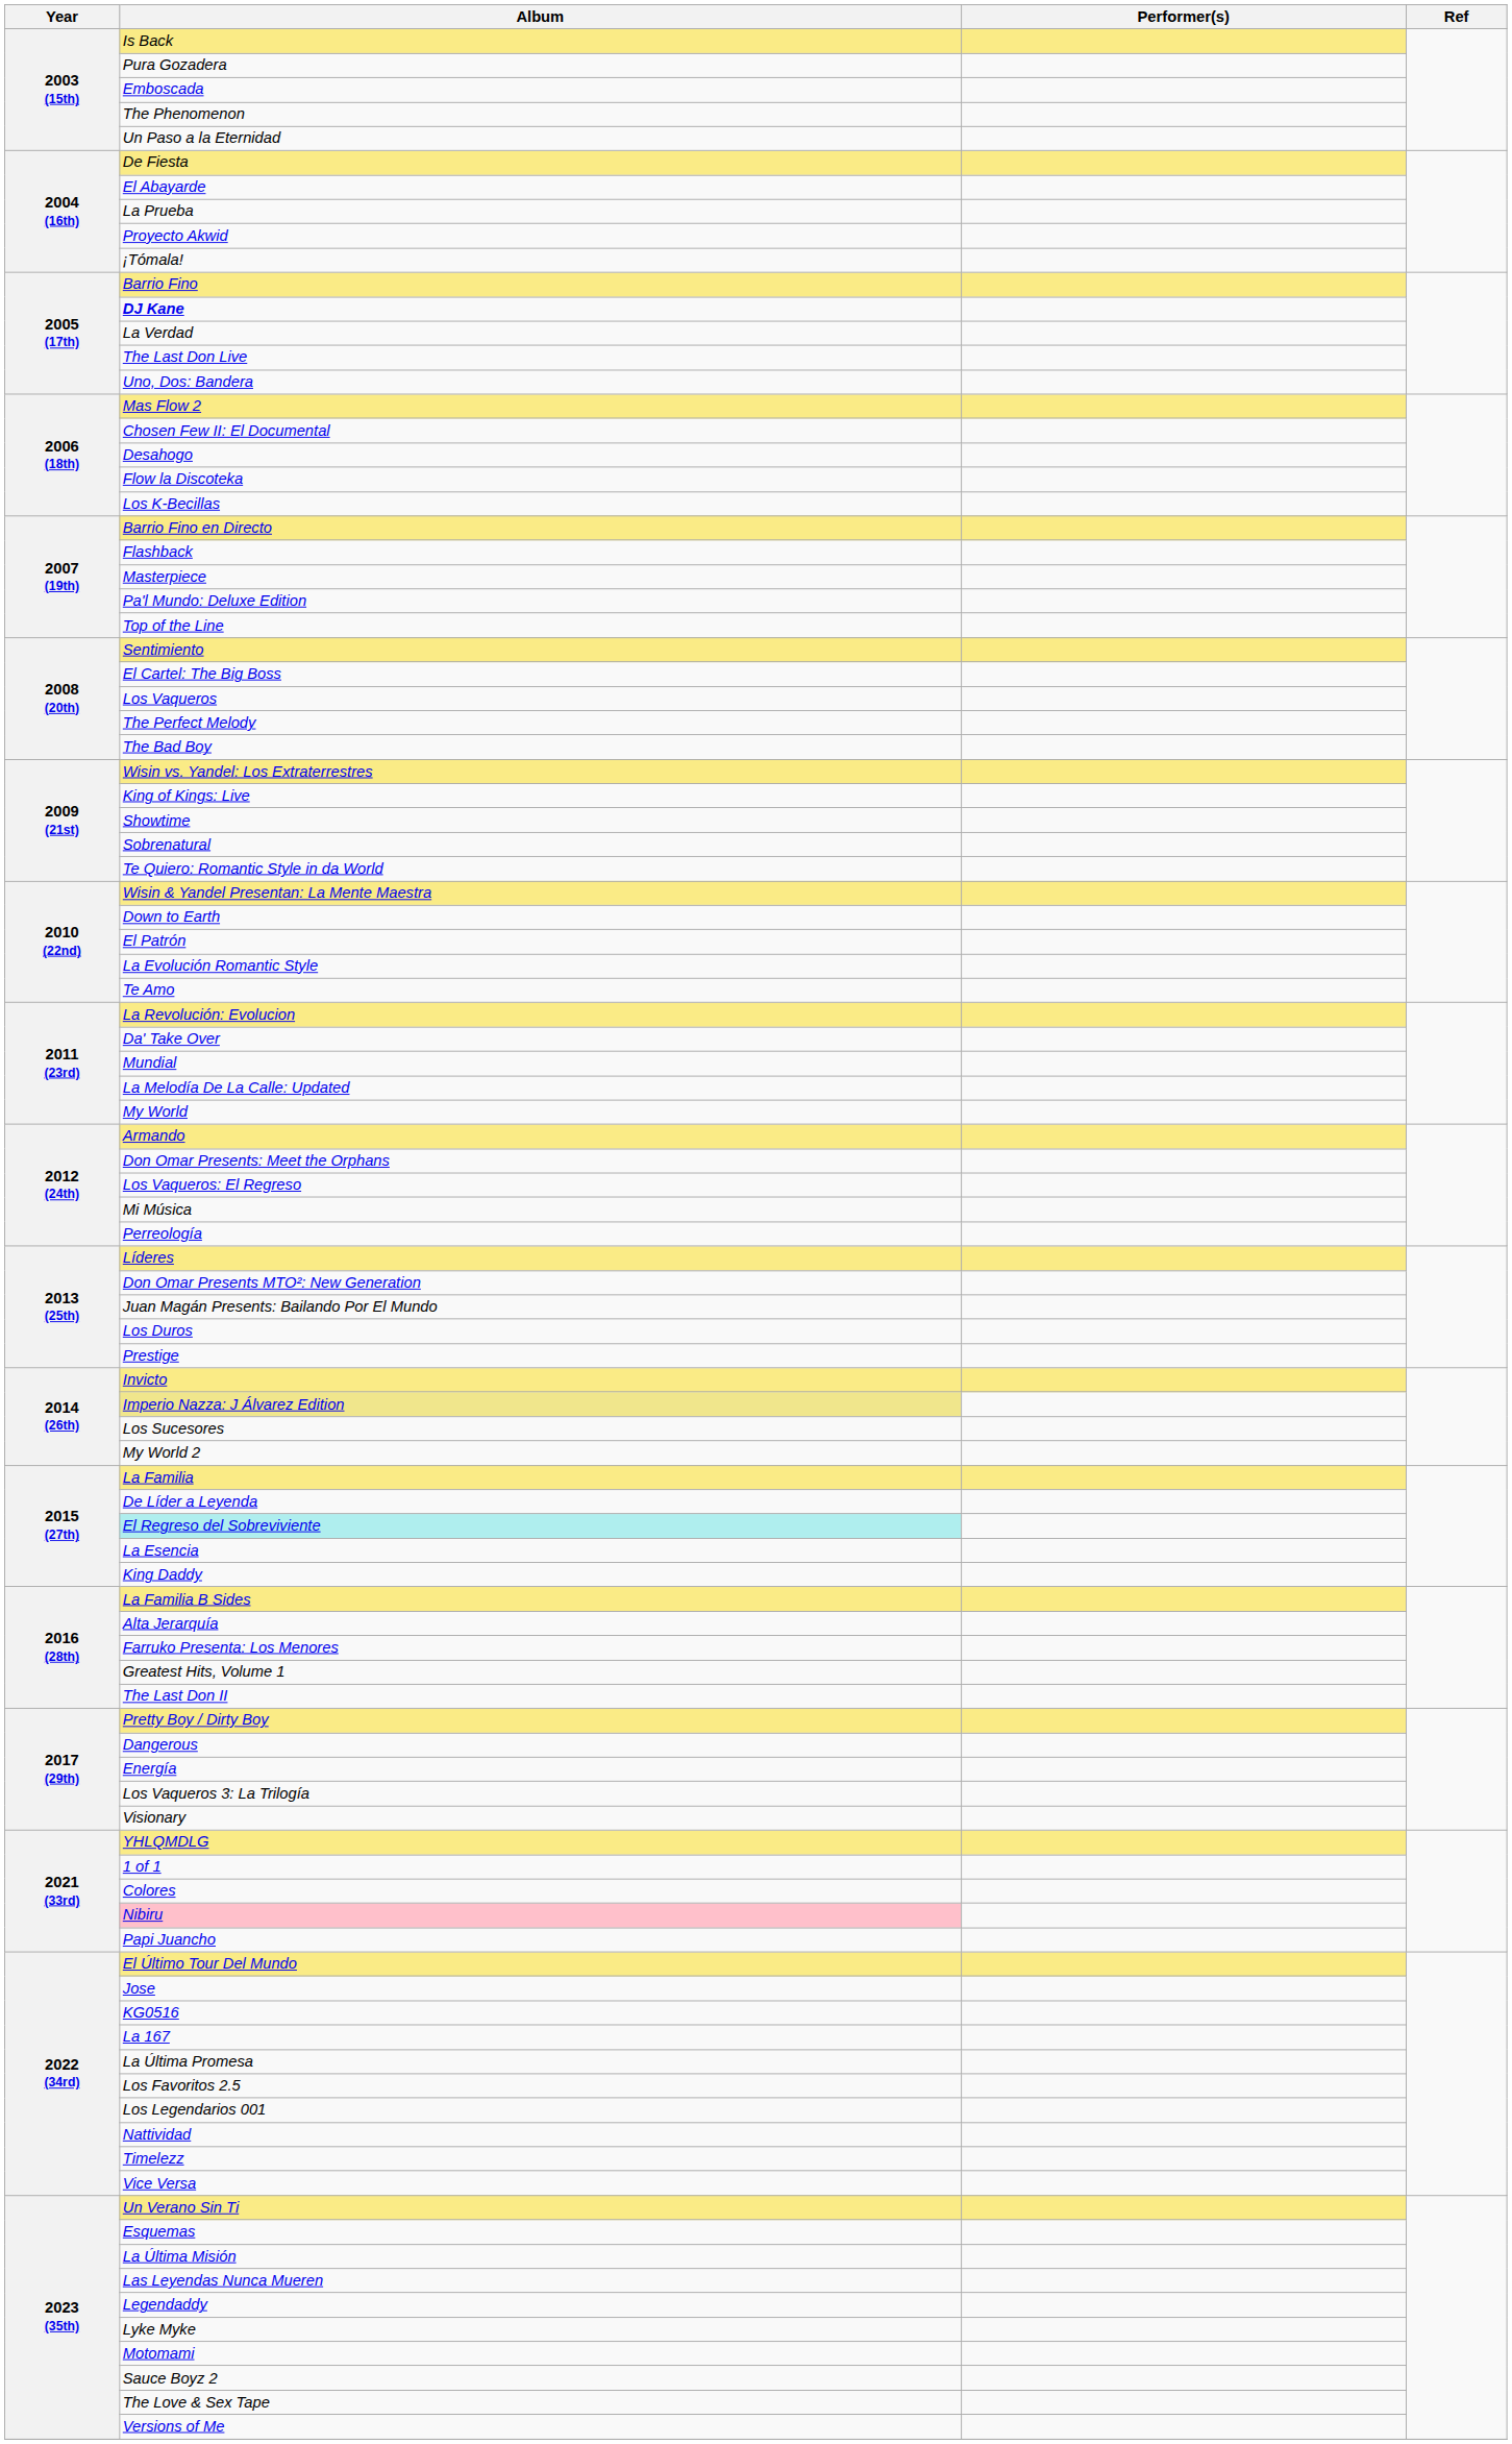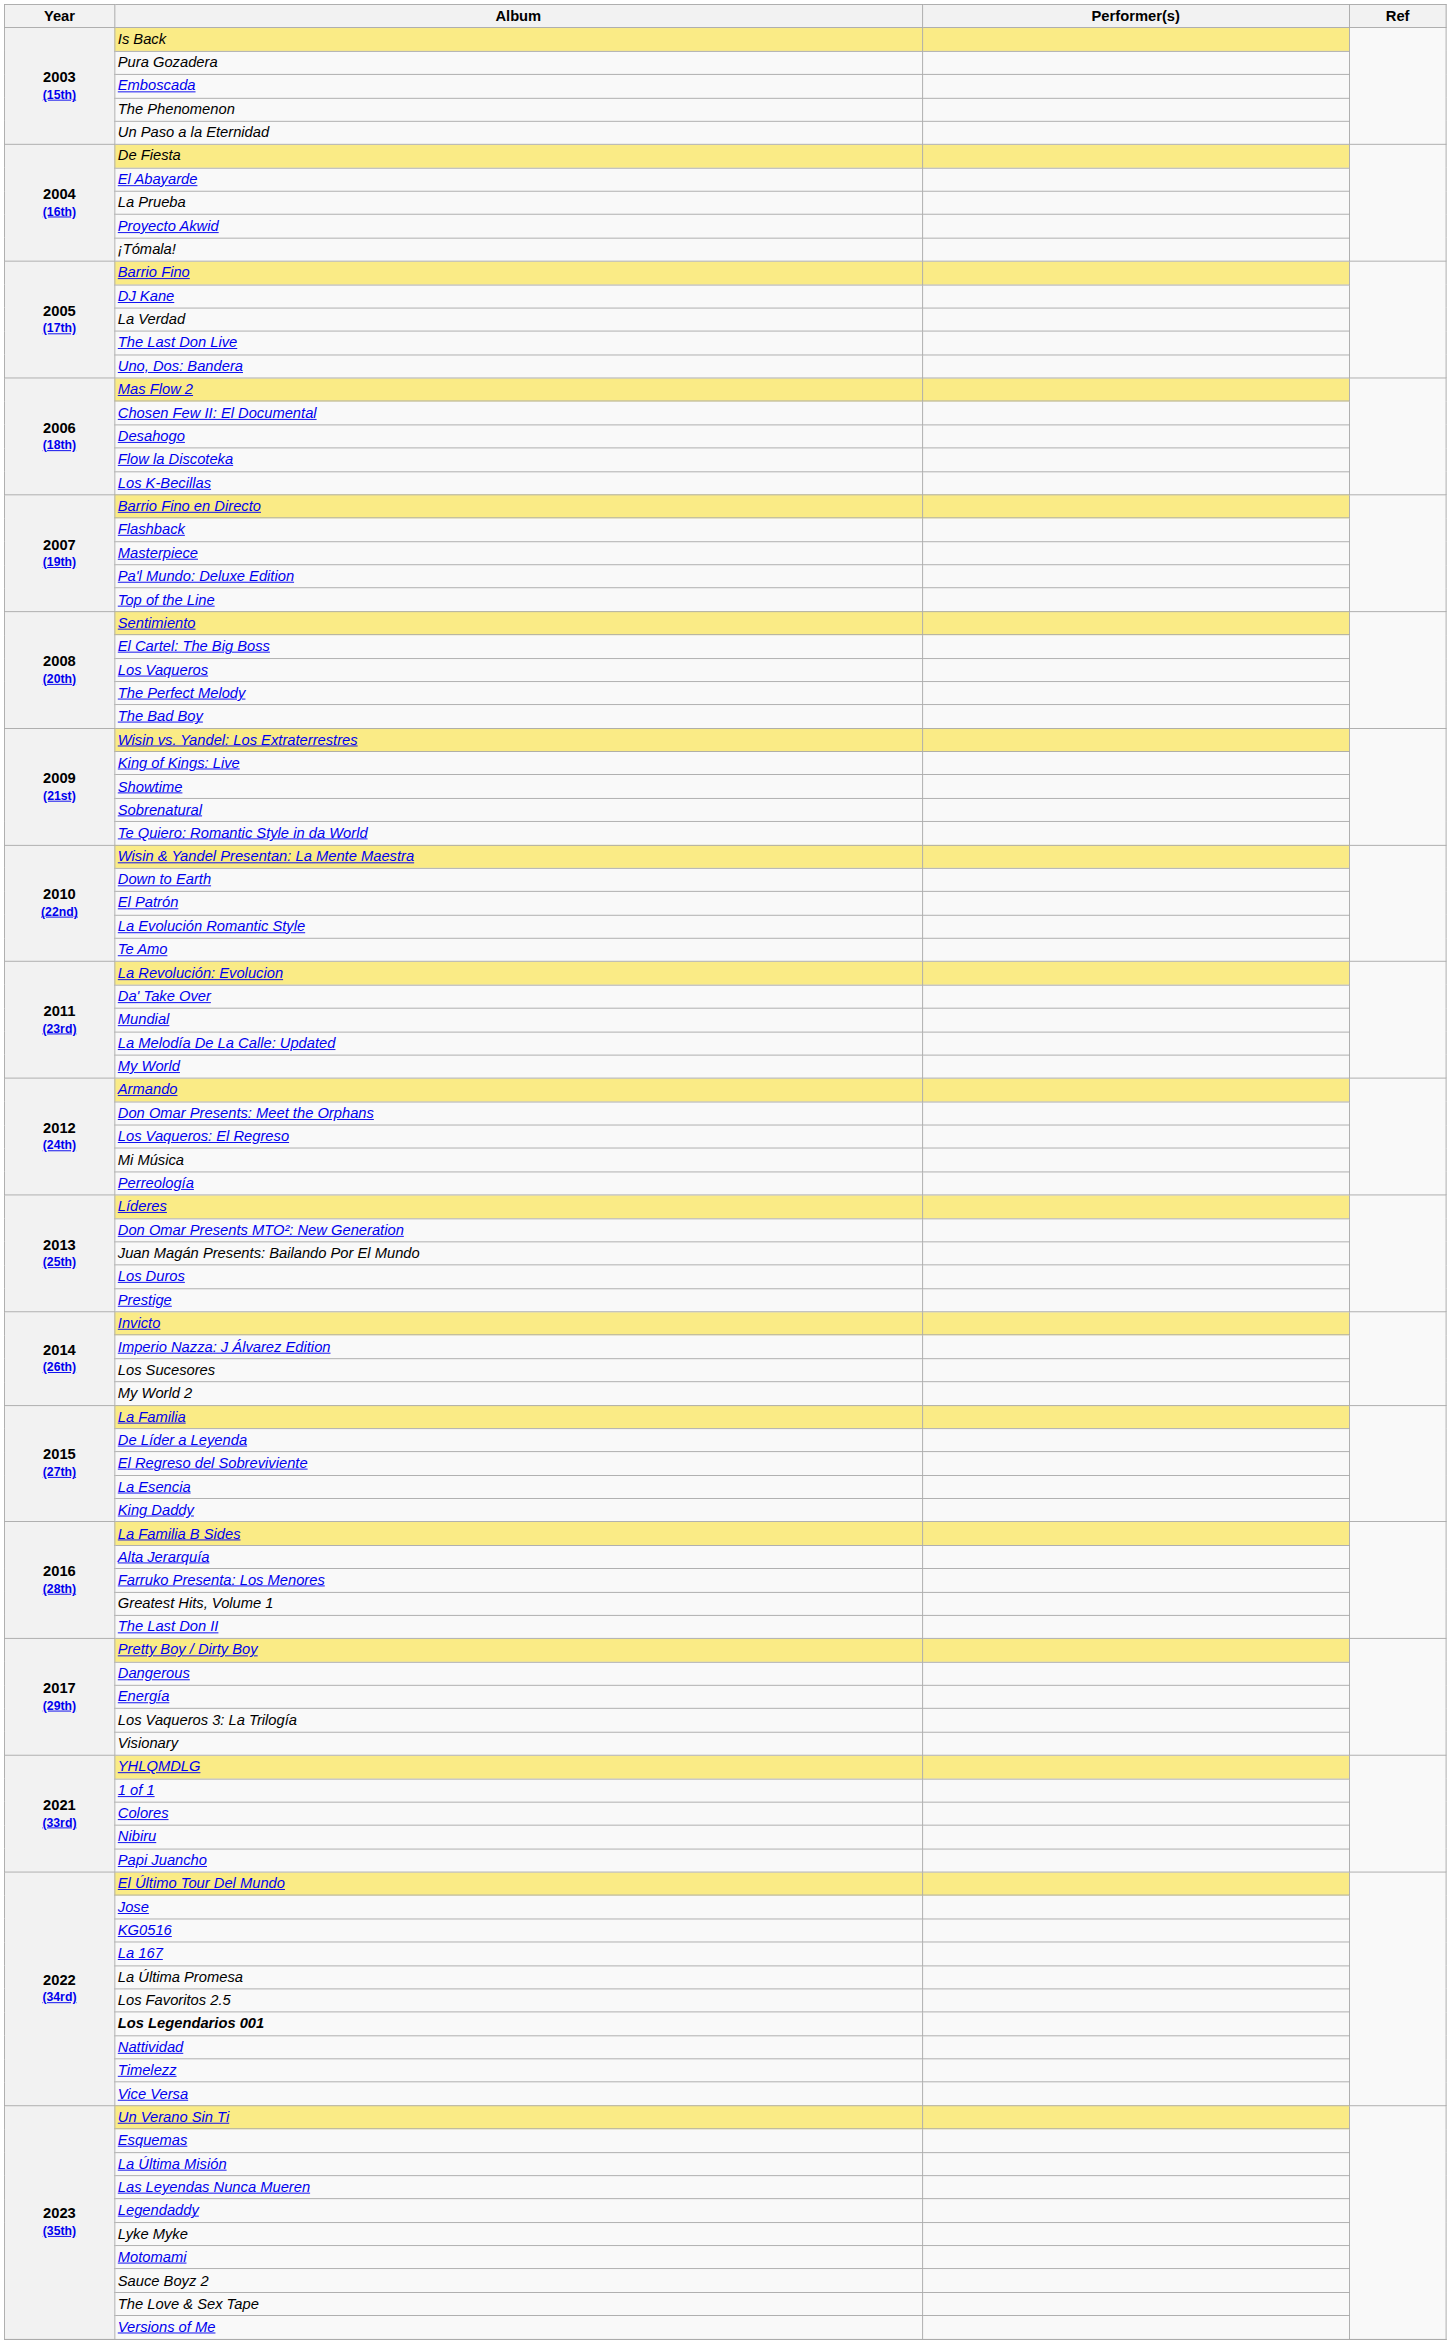 <table class="wikitable sortable">
 <tr style="background:#bebebe;">
 <th scope="col" style="width:1%;">Year</th>
 <th scope="col" style="width:10%;">Album</th>
 <th scope="col" style="width:5%;">Performer(s)</th>
 <th scope="col" style="width:1%;" class="unsortable">Ref</th>
 </tr>
 <tr>
 <th scope="row" rowspan=5 style="text-align:center">2003 <br><small><a href='#'>(15th)</a></small></th>
 <td style="background:#FAEB86"><em>Is Back</em></td>
 <td style="background:#FAEB86"></td>
 <td rowspan=5></td>
 </tr>
 <tr>
 <td><em>Pura Gozadera</em></td>
 <td></td>
 </tr>
 <tr>
 <td><em><a href='#'>Emboscada</a></em></td>
 <td></td>
 </tr>
 <tr>
 <td><em>The Phenomenon</em></td>
 <td></td>
 </tr>
 <tr>
 <td><em>Un Paso a la Eternidad</em></td>
 <td></td>
 </tr>
 <tr>
 <th scope="row" rowspan=5 style="text-align:center">2004 <br><small><a href='#'>(16th)</a></small></th>
 <td style="background:#FAEB86"><em>De Fiesta</em></td>
 <td style="background:#FAEB86"></td>
 <td rowspan=5></td>
 </tr>
 <tr>
 <td><em><a href='#'>El Abayarde</a></em></td>
 <td></td>
 </tr>
 <tr>
 <td><em>La Prueba</em></td>
 <td></td>
 </tr>
 <tr>
 <td><em><a href='#'>Proyecto Akwid</a></em></td>
 <td></td>
 </tr>
 <tr>
 <td><em>¡Tómala!</em></td>
 <td></td>
 </tr>
 <tr>
 <th scope="row" rowspan=5 style="text-align:center">2005 <br><small><a href='#'>(17th)</a></small></th>
 <td style="background:#FAEB86"><em><a href='#'>Barrio Fino</a></em></td>
 <td style="background:#FAEB86"></td>
 <td rowspan=5></td>
 </tr>
 <tr>
-<td><strong><em><a href='#'>DJ Kane</a></em></strong></td>
+<td><em><a href='#'>DJ Kane</a></em></td>
 <td></td>
 </tr>
 <tr>
 <td><em>La Verdad</em></td>
 <td></td>
 </tr>
 <tr>
 <td><em><a href='#'>The Last Don Live</a></em></td>
 <td></td>
 </tr>
 <tr>
 <td><em><a href='#'>Uno, Dos: Bandera</a></em></td>
 <td></td>
 </tr>
 <tr>
 <th scope="row" rowspan=5 style="text-align:center">2006 <br><small><a href='#'>(18th)</a></small></th>
 <td style="background:#FAEB86"><em><a href='#'>Mas Flow 2</a></em></td>
 <td style="background:#FAEB86"></td>
 <td rowspan=5></td>
 </tr>
 <tr>
 <td><em><a href='#'>Chosen Few II: El Documental</a></em></td>
 <td></td>
 </tr>
 <tr>
 <td><em><a href='#'>Desahogo</a></em></td>
 <td></td>
 </tr>
 <tr>
 <td><em><a href='#'>Flow la Discoteka</a></em></td>
 <td></td>
 </tr>
 <tr>
 <td><em><a href='#'>Los K-Becillas</a></em></td>
 <td></td>
 </tr>
 <tr>
 <th scope="row" rowspan=5 style="text-align:center">2007 <br><small><a href='#'>(19th)</a></small></th>
 <td style="background:#FAEB86"><em><a href='#'>Barrio Fino en Directo</a></em></td>
 <td style="background:#FAEB86"></td>
 <td rowspan=5></td>
 </tr>
 <tr>
 <td><em><a href='#'>Flashback</a></em></td>
 <td></td>
 </tr>
 <tr>
 <td><em><a href='#'>Masterpiece</a></em></td>
 <td></td>
 </tr>
 <tr>
 <td><em><a href='#'>Pa'l Mundo: Deluxe Edition</a></em></td>
 <td></td>
 </tr>
 <tr>
 <td><em><a href='#'>Top of the Line</a></em></td>
 <td></td>
 </tr>
 <tr>
 <th scope="row" rowspan=5 style="text-align:center">2008 <br><small><a href='#'>(20th)</a></small></th>
 <td style="background:#FAEB86"><em><a href='#'>Sentimiento</a></em></td>
 <td style="background:#FAEB86"></td>
 <td rowspan=5></td>
 </tr>
 <tr>
 <td><em><a href='#'>El Cartel: The Big Boss</a></em></td>
 <td></td>
 </tr>
 <tr>
 <td><em><a href='#'>Los Vaqueros</a></em></td>
 <td></td>
 </tr>
 <tr>
 <td><em><a href='#'>The Perfect Melody</a></em></td>
 <td></td>
 </tr>
 <tr>
 <td><em><a href='#'>The Bad Boy</a></em></td>
 <td></td>
 </tr>
 <tr>
 <th scope="row" rowspan=5 style="text-align:center">2009 <br><small><a href='#'>(21st)</a></small></th>
 <td style="background:#FAEB86"><em><a href='#'>Wisin vs. Yandel: Los Extraterrestres</a></em></td>
 <td style="background:#FAEB86"></td>
 <td rowspan=5></td>
 </tr>
 <tr>
 <td><em><a href='#'>King of Kings: Live</a></em></td>
 <td></td>
 </tr>
 <tr>
 <td><em><a href='#'>Showtime</a></em></td>
 <td></td>
 </tr>
 <tr>
 <td><em><a href='#'>Sobrenatural</a></em></td>
 <td></td>
 </tr>
 <tr>
 <td><em><a href='#'>Te Quiero: Romantic Style in da World</a></em></td>
 <td></td>
 </tr>
 <tr>
 <th scope="row" rowspan=5 style="text-align:center">2010 <br><small><a href='#'>(22nd)</a></small></th>
 <td style="background:#FAEB86"><em><a href='#'>Wisin & Yandel Presentan: La Mente Maestra</a></em></td>
 <td style="background:#FAEB86"></td>
 <td rowspan=5></td>
 </tr>
 <tr>
 <td><em><a href='#'>Down to Earth</a></em></td>
 <td></td>
 </tr>
 <tr>
 <td><em><a href='#'>El Patrón</a></em></td>
 <td></td>
 </tr>
 <tr>
 <td><em><a href='#'>La Evolución Romantic Style</a></em></td>
 <td></td>
 </tr>
 <tr>
 <td><em><a href='#'>Te Amo</a></em></td>
 <td></td>
 </tr>
 <tr>
 <th scope="row" rowspan=5 style="text-align:center">2011 <br><small><a href='#'>(23rd)</a></small></th>
 <td style="background:#FAEB86"><em><a href='#'>La Revolución: Evolucion</a></em></td>
 <td style="background:#FAEB86"></td>
 <td rowspan=5></td>
 </tr>
 <tr>
 <td><em><a href='#'>Da' Take Over</a></em></td>
 <td></td>
 </tr>
 <tr>
 <td><em><a href='#'>Mundial</a></em></td>
 <td></td>
 </tr>
 <tr>
 <td><em><a href='#'>La Melodía De La Calle: Updated</a></em></td>
 <td></td>
 </tr>
 <tr>
 <td><em><a href='#'>My World</a></em></td>
 <td></td>
 </tr>
 <tr>
 <th scope="row" rowspan=5 style="text-align:center">2012 <br><small><a href='#'>(24th)</a></small></th>
 <td style="background:#FAEB86"><em><a href='#'>Armando</a></em></td>
 <td style="background:#FAEB86"></td>
 <td rowspan=5></td>
 </tr>
 <tr>
 <td><em><a href='#'>Don Omar Presents: Meet the Orphans</a></em></td>
 <td></td>
 </tr>
 <tr>
 <td><em><a href='#'>Los Vaqueros: El Regreso</a></em></td>
 <td></td>
 </tr>
 <tr>
 <td><em>Mi Música</em></td>
 <td></td>
 </tr>
 <tr>
 <td><em><a href='#'>Perreología</a></em></td>
 <td></td>
 </tr>
 <tr>
 <th scope="row" rowspan=5 style="text-align:center">2013 <br><small><a href='#'>(25th)</a></small></th>
 <td style="background:#FAEB86"><em><a href='#'>Líderes</a></em></td>
 <td style="background:#FAEB86"></td>
 <td rowspan=5></td>
 </tr>
 <tr>
 <td><em><a href='#'>Don Omar Presents MTO²: New Generation</a></em></td>
 <td></td>
 </tr>
 <tr>
 <td><em>Juan Magán Presents: Bailando Por El Mundo</em></td>
 <td></td>
 </tr>
 <tr>
 <td><em><a href='#'>Los Duros</a></em></td>
 <td></td>
 </tr>
 <tr>
 <td><em><a href='#'>Prestige</a></em></td>
 <td></td>
 </tr>
 <tr>
 <th scope="row" rowspan=4 style="text-align:center">2014 <br><small><a href='#'>(26th)</a></small></th>
 <td style="background:#FAEB86"><em><a href='#'>Invicto</a></em></td>
 <td style="background:#FAEB86"></td>
 <td rowspan=4></td>
 </tr>
 <tr>
-<td style="background: khaki;"><em><a href='#'>Imperio Nazza: J Álvarez Edition</a></em></td>
+<td><em><a href='#'>Imperio Nazza: J Álvarez Edition</a></em></td>
 <td></td>
 </tr>
 <tr>
 <td><em>Los Sucesores</em></td>
 <td></td>
 </tr>
 <tr>
 <td><em>My World 2</em></td>
 <td></td>
 </tr>
 <tr>
 <th scope="row" rowspan=5 style="text-align:center">2015 <br><small><a href='#'>(27th)</a></small></th>
 <td style="background:#FAEB86"><em><a href='#'>La Familia</a></em></td>
 <td style="background:#FAEB86"></td>
 <td rowspan=5></td>
 </tr>
 <tr>
 <td><em><a href='#'>De Líder a Leyenda</a></em></td>
 <td></td>
 </tr>
 <tr>
-<td style="background: paleturquoise;"><em><a href='#'>El Regreso del Sobreviviente</a></em></td>
+<td><em><a href='#'>El Regreso del Sobreviviente</a></em></td>
 <td></td>
 </tr>
 <tr>
 <td><em><a href='#'>La Esencia</a></em></td>
 <td></td>
 </tr>
 <tr>
 <td><em><a href='#'>King Daddy</a></em></td>
 <td></td>
 </tr>
 <tr>
 <th scope="row" rowspan=5 style="text-align:center">2016 <br><small><a href='#'>(28th)</a></small></th>
 <td style="background:#FAEB86"><em><a href='#'>La Familia B Sides</a></em></td>
 <td style="background:#FAEB86"></td>
 <td rowspan=5></td>
 </tr>
 <tr>
 <td><em><a href='#'>Alta Jerarquía</a></em></td>
 <td></td>
 </tr>
 <tr>
 <td><em><a href='#'>Farruko Presenta: Los Menores</a></em></td>
 <td></td>
 </tr>
 <tr>
 <td><em>Greatest Hits, Volume 1</em></td>
 <td></td>
 </tr>
 <tr>
 <td><em><a href='#'>The Last Don II</a></em></td>
 <td></td>
 </tr>
 <tr>
 <th scope="row" rowspan=5 style="text-align:center">2017 <br><small><a href='#'>(29th)</a></small></th>
 <td style="background:#FAEB86"><em><a href='#'>Pretty Boy / Dirty Boy</a></em></td>
 <td style="background:#FAEB86"></td>
 <td rowspan=5></td>
 </tr>
 <tr>
 <td><em><a href='#'>Dangerous</a></em></td>
 <td></td>
 </tr>
 <tr>
 <td><em><a href='#'>Energía</a></em></td>
 <td></td>
 </tr>
 <tr>
 <td><em>Los Vaqueros 3: La Trilogía</em></td>
 <td></td>
 </tr>
 <tr>
 <td><em>Visionary</em></td>
 <td></td>
 </tr>
 <tr>
 <th scope="row" rowspan=5 style="text-align:center">2021 <br><small><a href='#'>(33rd)</a></small></th>
 <td style="background:#FAEB86"><em><a href='#'>YHLQMDLG</a></em></td>
 <td style="background:#FAEB86"></td>
 <td rowspan=5></td>
 </tr>
 <tr>
 <td><em><a href='#'>1 of 1</a></em></td>
 <td></td>
 </tr>
 <tr>
 <td><em><a href='#'>Colores</a></em></td>
 <td></td>
 </tr>
 <tr>
-<td style="background: pink;"><em><a href='#'>Nibiru</a></em></td>
+<td><em><a href='#'>Nibiru</a></em></td>
 <td></td>
 </tr>
 <tr>
 <td><em><a href='#'>Papi Juancho</a></em></td>
 <td></td>
 </tr>
 <tr>
 <th scope="row" rowspan=10 style="text-align:center">2022 <br><small><a href='#'>(34rd)</a></small></th>
 <td style="background:#FAEB86"><em><a href='#'>El Último Tour Del Mundo</a></em></td>
 <td style="background:#FAEB86"></td>
 <td rowspan=10></td>
 </tr>
 <tr>
 <td><em><a href='#'>Jose</a></em></td>
 <td></td>
 </tr>
 <tr>
 <td><em><a href='#'>KG0516</a></em></td>
 <td></td>
 </tr>
 <tr>
 <td><em><a href='#'>La 167</a></em></td>
 <td></td>
 </tr>
 <tr>
 <td><em>La Última Promesa</em></td>
 <td></td>
 </tr>
 <tr>
 <td><em>Los Favoritos 2.5</em></td>
 <td></td>
 </tr>
 <tr>
-<td><em>Los Legendarios 001</em></td>
+<td><strong><em>Los Legendarios 001</em></strong></td>
 <td></td>
 </tr>
 <tr>
 <td><em><a href='#'>Nattividad</a></em></td>
 <td></td>
 </tr>
 <tr>
 <td><em><a href='#'>Timelezz</a></em></td>
 <td></td>
 </tr>
 <tr>
 <td><em><a href='#'>Vice Versa</a></em></td>
 <td></td>
 </tr>
 <tr>
 <th scope="row" rowspan=10 style="text-align:center">2023 <br><small><a href='#'>(35th)</a></small></th>
 <td style="background:#FAEB86"><em><a href='#'>Un Verano Sin Ti</a></em></td>
 <td style="background:#FAEB86"></td>
 <td rowspan=10></td>
 </tr>
 <tr>
 <td><em><a href='#'>Esquemas</a></em></td>
 <td></td>
 </tr>
 <tr>
 <td><em><a href='#'>La Última Misión</a></em></td>
 <td></td>
 </tr>
 <tr>
 <td><em><a href='#'>Las Leyendas Nunca Mueren</a></em></td>
 <td></td>
 </tr>
 <tr>
 <td><em><a href='#'>Legendaddy</a></em></td>
 <td></td>
 </tr>
 <tr>
 <td><em>Lyke Myke</em></td>
 <td></td>
 </tr>
 <tr>
 <td><em><a href='#'>Motomami</a></em></td>
 <td></td>
 </tr>
 <tr>
 <td><em>Sauce Boyz 2</em></td>
 <td></td>
 </tr>
 <tr>
 <td><em>The Love & Sex Tape</em></td>
 <td></td>
 </tr>
 <tr>
 <td><em><a href='#'>Versions of Me</a></em></td>
 <td></td>
 </tr>
 <tr>
 </tr>
 </table>
